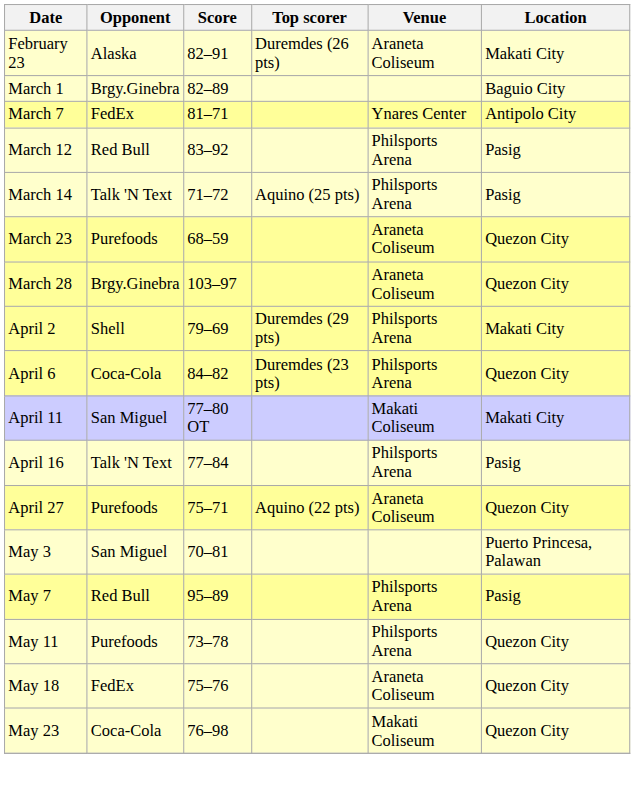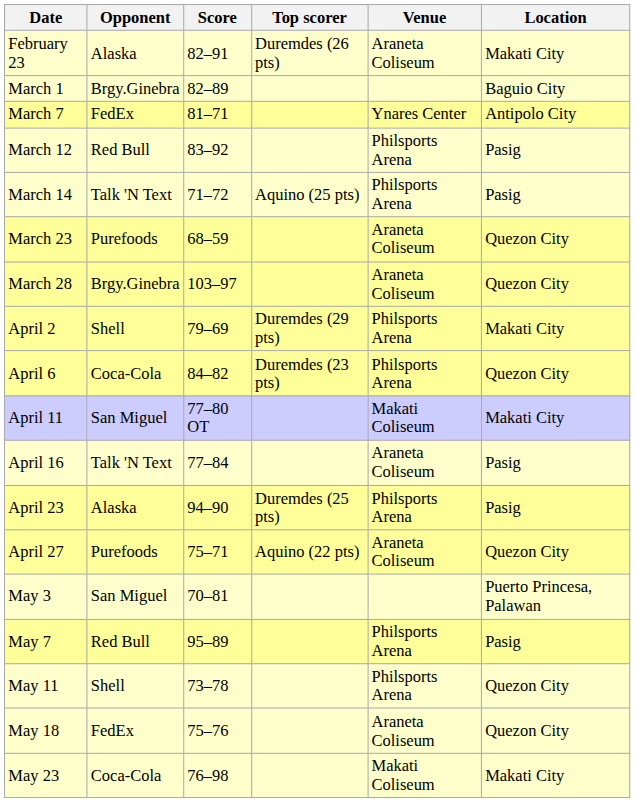 <table class="wikitable sortable sortable">
 <tr>
 <th>Date</th>
 <th>Opponent</th>
 <th>Score</th>
 <th>Top scorer</th>
 <th>Venue</th>
 <th>Location</th>
 </tr>
 <tr bgcolor=#FFFFCC>
 <td>February 23</td>
 <td>Alaska</td>
 <td>82–91</td>
 <td>Duremdes (26 pts)</td>
 <td>Araneta Coliseum</td>
 <td>Makati City</td>
 </tr>
 <tr bgcolor=#FFFFCC>
 <td>March 1</td>
 <td>Brgy.Ginebra</td>
 <td>82–89</td>
 <td></td>
 <td></td>
 <td>Baguio City</td>
 </tr>
 <tr bgcolor=#FFFF99>
 <td>March 7</td>
 <td>FedEx</td>
 <td>81–71</td>
 <td></td>
 <td>Ynares Center</td>
 <td>Antipolo City</td>
 </tr>
 <tr bgcolor=#FFFFCC>
 <td>March 12</td>
 <td>Red Bull</td>
 <td>83–92</td>
 <td></td>
 <td>Philsports Arena</td>
 <td>Pasig</td>
 </tr>
 <tr bgcolor=#FFFFCC>
 <td>March 14</td>
 <td>Talk 'N Text</td>
 <td>71–72</td>
 <td>Aquino (25 pts)</td>
 <td>Philsports Arena</td>
 <td>Pasig</td>
 </tr>
 <tr bgcolor=#FFFF99>
 <td>March 23</td>
 <td>Purefoods</td>
 <td>68–59</td>
 <td></td>
 <td>Araneta Coliseum</td>
 <td>Quezon City</td>
 </tr>
 <tr bgcolor=#FFFF99>
 <td>March 28</td>
 <td>Brgy.Ginebra</td>
 <td>103–97</td>
 <td></td>
 <td>Araneta Coliseum</td>
 <td>Quezon City</td>
 </tr>
 <tr bgcolor=#FFFF99>
 <td>April 2</td>
 <td>Shell</td>
 <td>79–69</td>
 <td>Duremdes (29 pts)</td>
 <td>Philsports Arena</td>
 <td>Makati City</td>
 </tr>
 <tr bgcolor=#FFFF99>
 <td>April 6</td>
 <td>Coca-Cola</td>
 <td>84–82</td>
 <td>Duremdes (23 pts)</td>
 <td>Philsports Arena</td>
 <td>Quezon City</td>
 </tr>
 <tr bgcolor=#ccccff>
 <td>April 11</td>
 <td>San Miguel</td>
 <td>77–80 OT</td>
 <td></td>
 <td>Makati Coliseum</td>
 <td>Makati City</td>
 </tr>
 <tr bgcolor=#FFFFCC>
 <td>April 16</td>
 <td>Talk 'N Text</td>
 <td>77–84</td>
 <td></td>
+<td>Araneta Coliseum</td>
+<td>Pasig</td>
+</tr>
+<tr bgcolor=#FFFF99>
+<td>April 23</td>
+<td>Alaska</td>
+<td>94–90</td>
+<td>Duremdes (25 pts)</td>
 <td>Philsports Arena</td>
 <td>Pasig</td>
 </tr>
 <tr bgcolor=#FFFF99>
 <td>April 27</td>
 <td>Purefoods</td>
 <td>75–71</td>
 <td>Aquino (22 pts)</td>
 <td>Araneta Coliseum</td>
 <td>Quezon City</td>
 </tr>
 <tr bgcolor=#FFFFCC>
 <td>May 3</td>
 <td>San Miguel</td>
 <td>70–81</td>
 <td></td>
 <td></td>
 <td>Puerto Princesa, Palawan</td>
 </tr>
 <tr bgcolor=#FFFF99>
 <td>May 7</td>
 <td>Red Bull</td>
 <td>95–89</td>
 <td></td>
 <td>Philsports Arena</td>
 <td>Pasig</td>
 </tr>
 <tr bgcolor=#FFFFCC>
 <td>May 11</td>
-<td>Purefoods</td>
+<td>Shell</td>
 <td>73–78</td>
 <td></td>
 <td>Philsports Arena</td>
 <td>Quezon City</td>
 </tr>
 <tr bgcolor=#FFFFCC>
 <td>May 18</td>
 <td>FedEx</td>
 <td>75–76</td>
 <td></td>
 <td>Araneta Coliseum</td>
 <td>Quezon City</td>
 </tr>
 <tr bgcolor=#FFFFCC>
 <td>May 23</td>
 <td>Coca-Cola</td>
 <td>76–98</td>
 <td></td>
 <td>Makati Coliseum</td>
-<td>Quezon City</td>
+<td>Makati City</td>
 </tr>
 <tr>
 </tr>
 </table>
